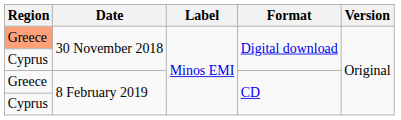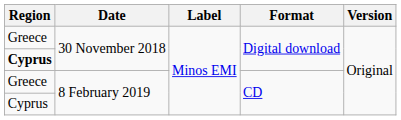 <table class="sortable wikitable">
 <tr>
 <th>Region</th>
 <th>Date</th>
 <th>Label</th>
 <th>Format</th>
 <th>Version</th>
 </tr>
 <tr>
-<td style="background: lightsalmon;">Greece</td>
+<td>Greece</td>
 <td rowspan="2">30 November 2018</td>
 <td rowspan="7"><a href='#'>Minos EMI</a></td>
 <td rowspan="2"><a href='#'>Digital download</a></td>
 <td rowspan="7">Original</td>
 </tr>
 <tr>
-<td>Cyprus</td>
+<td><strong>Cyprus</strong></td>
 </tr>
 <tr>
 <td>Greece</td>
 <td rowspan="2">8 February 2019</td>
 <td rowspan="2"><a href='#'>CD</a></td>
 </tr>
 <tr>
 <td>Cyprus</td>
 </tr>
 </table>
